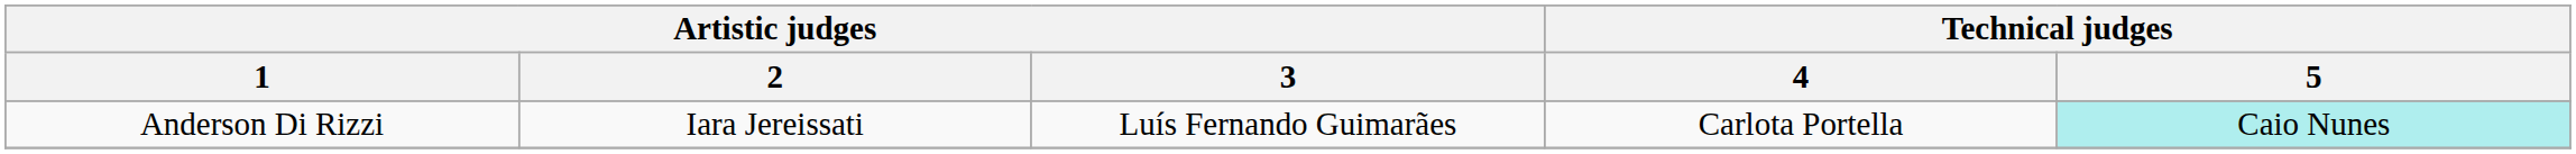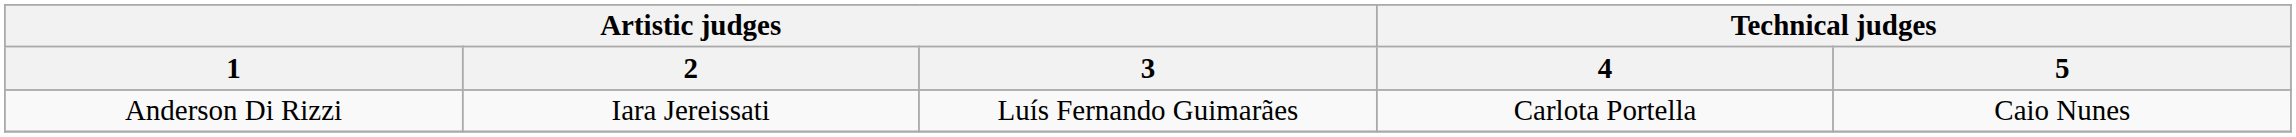 <table class="wikitable" style="font-size:100%; line-height:16px; text-align:center" width="100%">
 <tr>
 <th colspan=3>Artistic judges</th>
 <th colspan=2>Technical judges</th>
 </tr>
 <tr>
 <th>1</th>
 <th>2</th>
 <th>3</th>
 <th>4</th>
 <th>5</th>
 </tr>
 <tr>
 <td width=150>Anderson Di Rizzi</td>
 <td width=150>Iara Jereissati</td>
 <td width=150>Luís Fernando Guimarães</td>
 <td width=150>Carlota Portella</td>
-<td width=150 style="background: paleturquoise;">Caio Nunes</td>
+<td width=150>Caio Nunes</td>
 </tr>
 <tr>
 </tr>
 </table>
